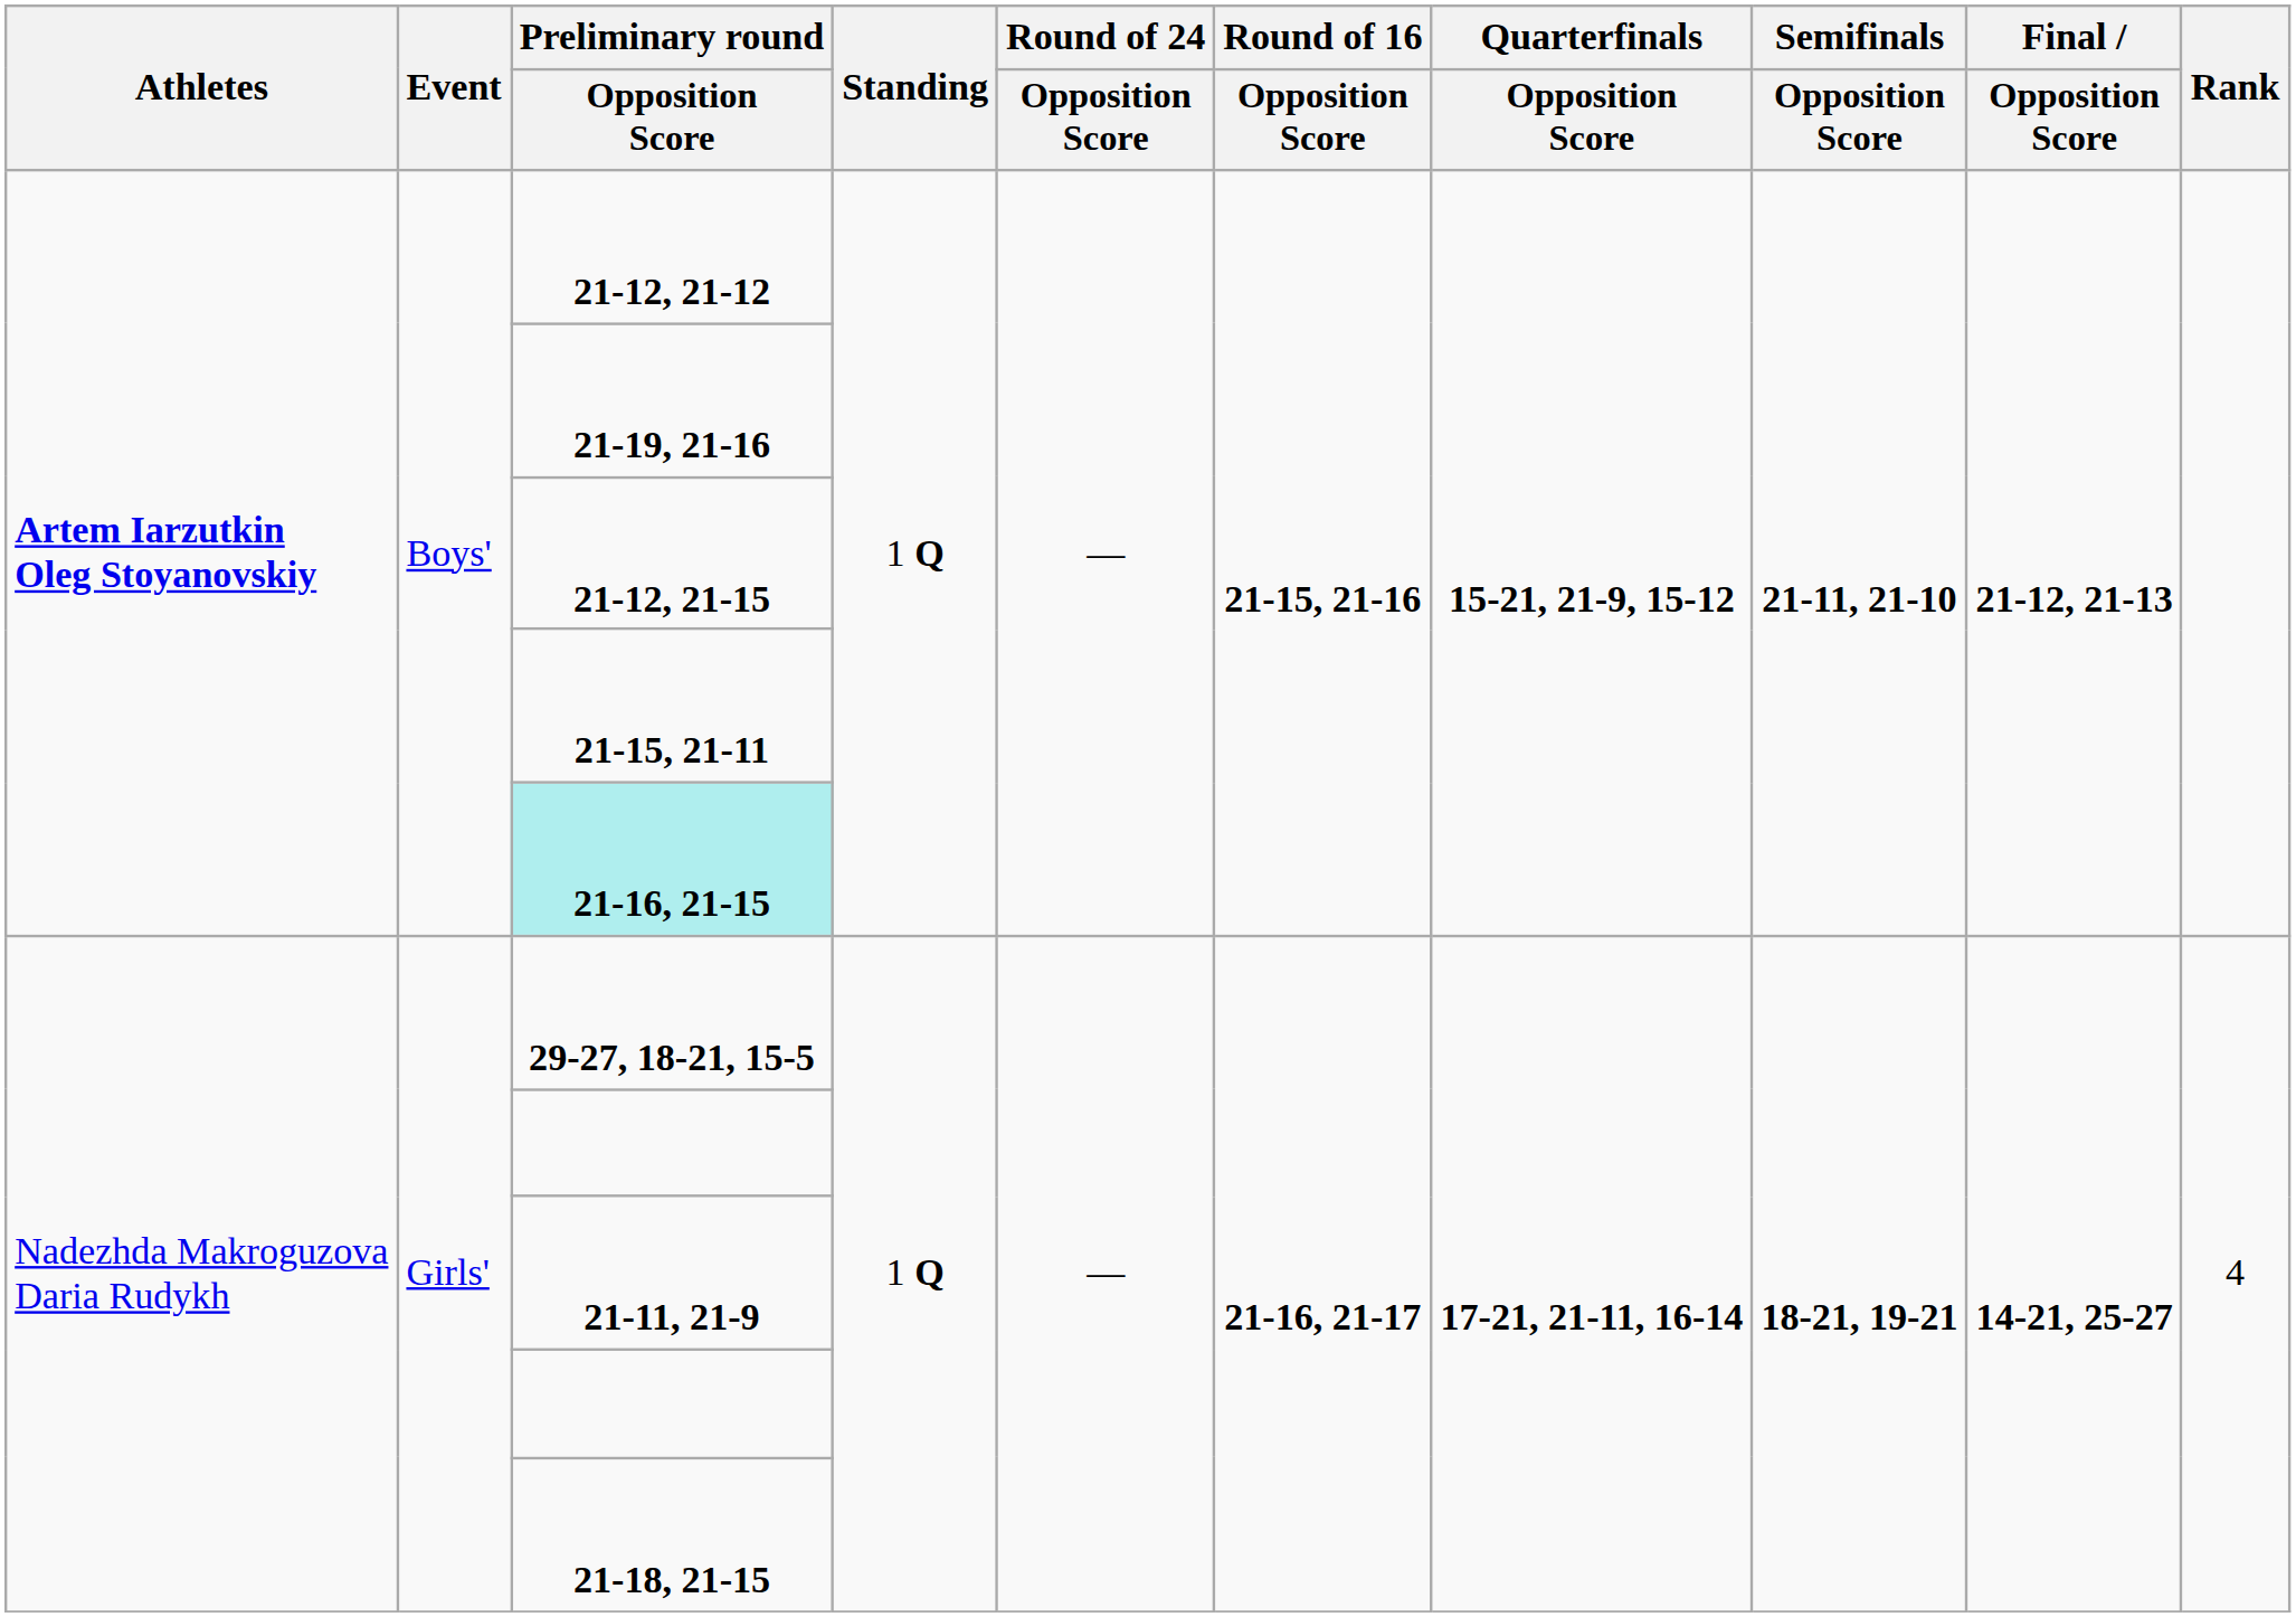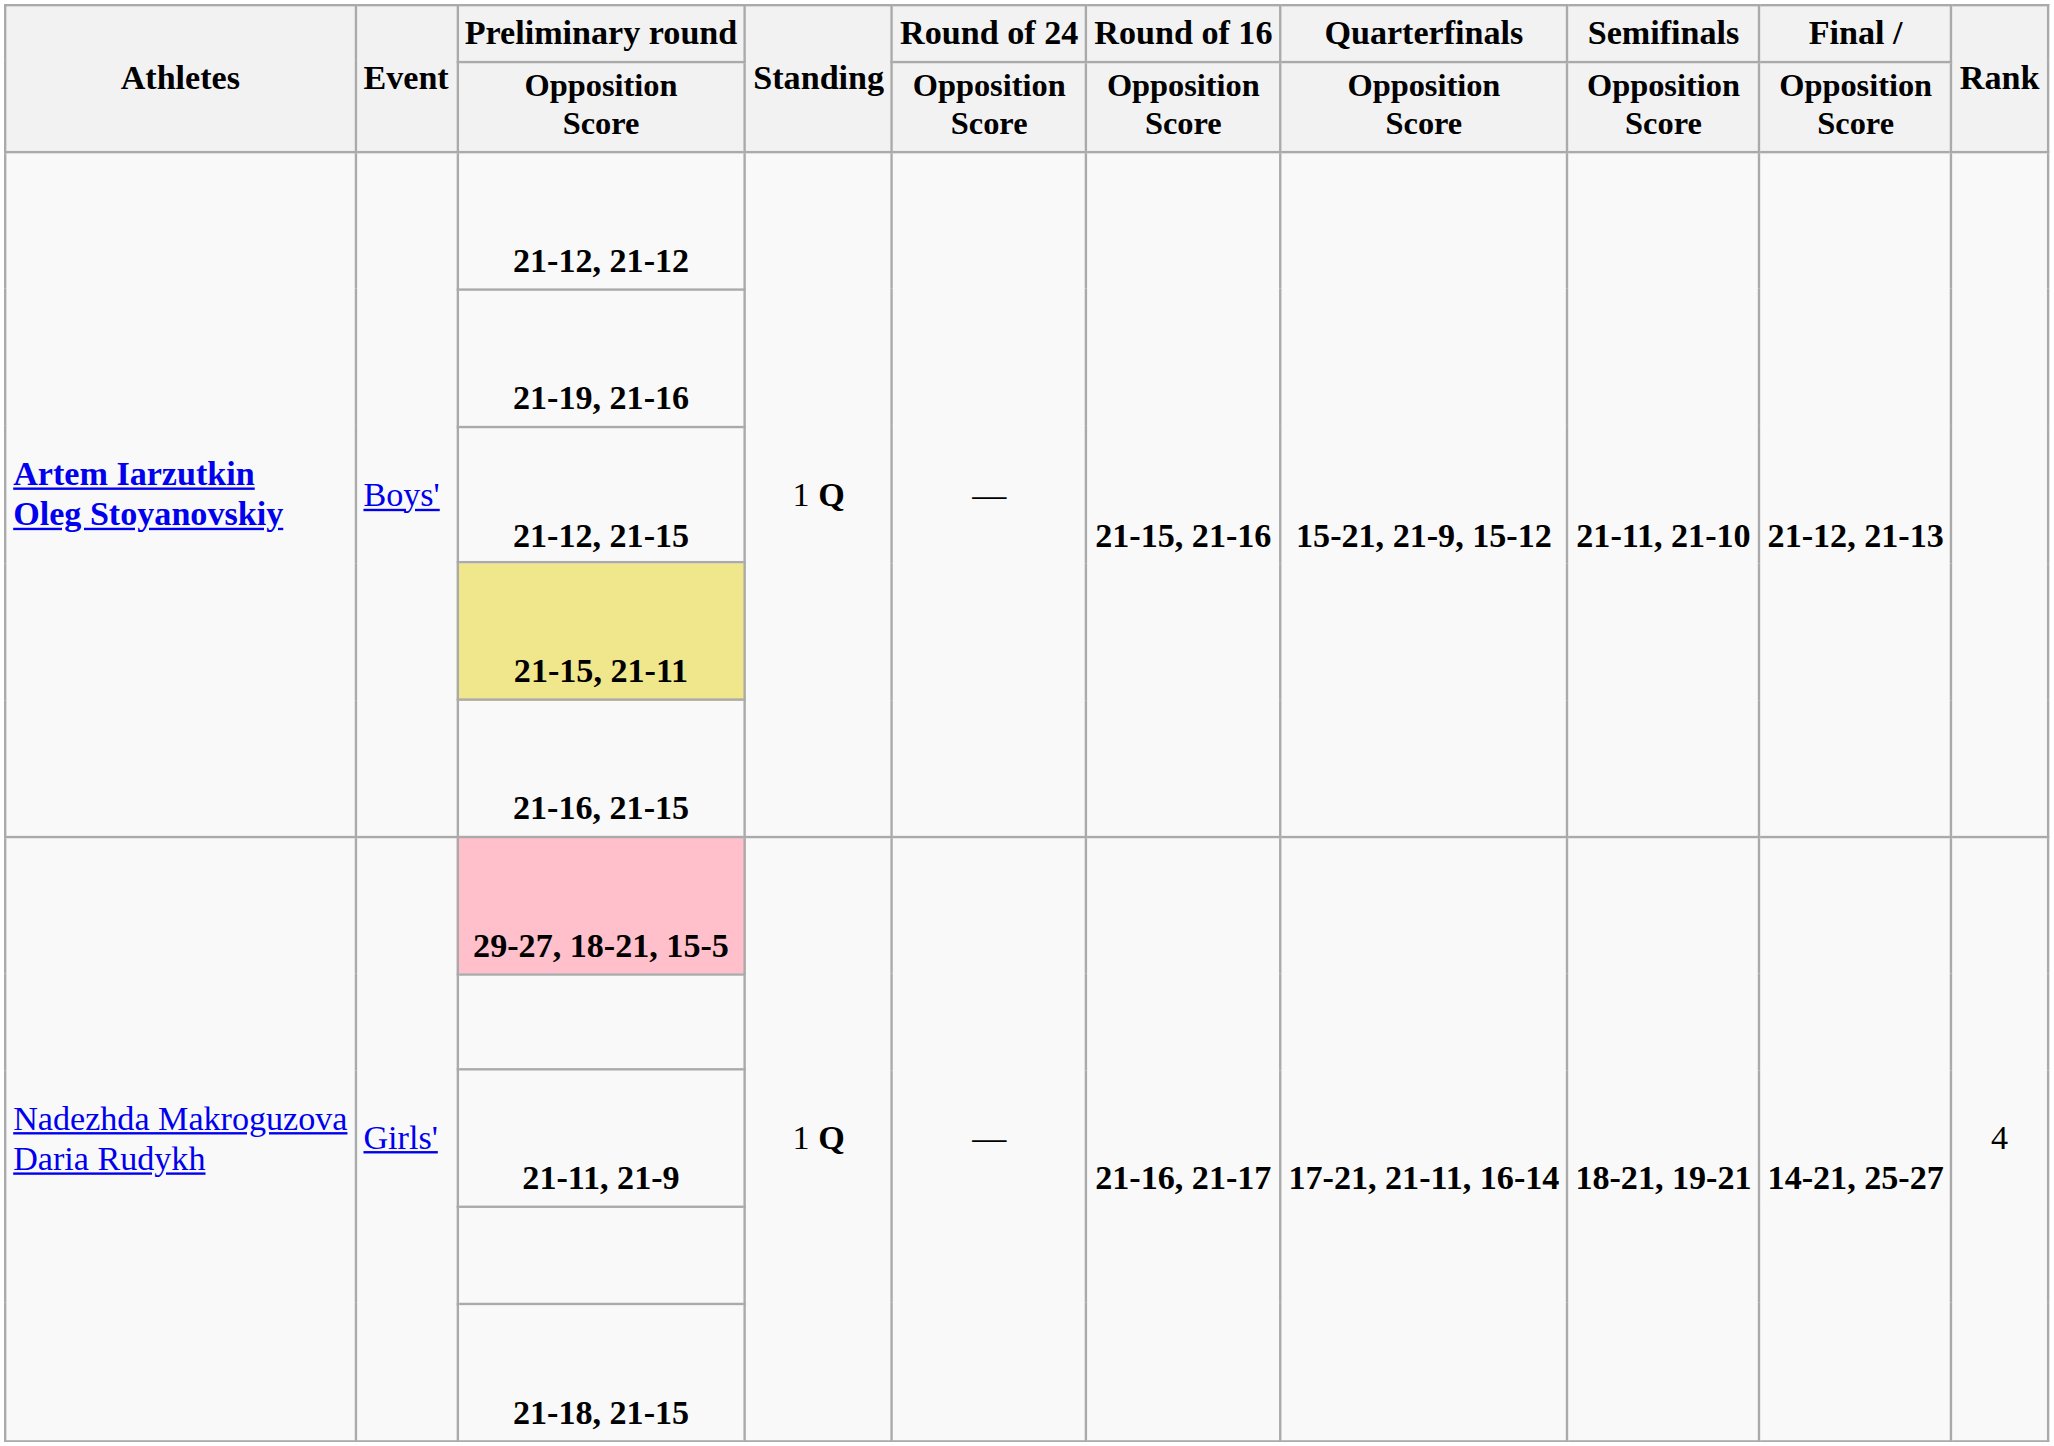 <table class=wikitable style="font-size:90%">
 <tr>
 <th rowspan="2">Athletes</th>
 <th rowspan="2">Event</th>
 <th>Preliminary round</th>
 <th rowspan="2">Standing</th>
 <th>Round of 24</th>
 <th>Round of 16</th>
 <th>Quarterfinals</th>
 <th>Semifinals</th>
 <th>Final / </th>
 <th rowspan=2>Rank</th>
 </tr>
 <tr style="font-size:95%">
 <th>Opposition<br>Score</th>
 <th>Opposition<br>Score</th>
 <th>Opposition<br>Score</th>
 <th>Opposition<br>Score</th>
 <th>Opposition<br>Score</th>
 <th>Opposition<br>Score</th>
 </tr>
 <tr align=center>
 <td align=left rowspan=5><strong><a href='#'>Artem Iarzutkin</a><br><a href='#'>Oleg Stoyanovskiy</a></strong></td>
 <td align=left rowspan=5><a href='#'>Boys'</a></td>
 <td><br><br><strong>21-12, 21-12</strong></td>
 <td rowspan=5>1 <strong>Q</strong></td>
 <td rowspan=5>—</td>
 <td rowspan=5><br><br><strong>21-15, 21-16</strong></td>
 <td rowspan=5><br><br><strong>15-21, 21-9, 15-12</strong></td>
 <td rowspan=5><br><br><strong>21-11, 21-10</strong></td>
 <td rowspan=5><br><br><strong>21-12, 21-13</strong></td>
 <td rowspan=5></td>
 </tr>
 <tr align=center>
 <td><br><br><strong>21-19, 21-16</strong></td>
 </tr>
 <tr align=center>
 <td><br><br><strong>21-12, 21-15</strong></td>
 </tr>
 <tr align=center>
-<td><br><br><strong>21-15, 21-11</strong></td>
+<td style="background: khaki;"><br><br><strong>21-15, 21-11</strong></td>
 </tr>
 <tr align=center>
-<td style="background: paleturquoise;"><br><br><strong>21-16, 21-15</strong></td>
+<td><br><br><strong>21-16, 21-15</strong></td>
 </tr>
 <tr align=center>
 <td align=left rowspan=5><a href='#'>Nadezhda Makroguzova</a><br><a href='#'>Daria Rudykh</a></td>
 <td align=left rowspan=5><a href='#'>Girls'</a></td>
-<td><br><br><strong>29-27, 18-21, 15-5</strong></td>
+<td style="background: pink;"><br><br><strong>29-27, 18-21, 15-5</strong></td>
 <td rowspan=5>1 <strong>Q</strong></td>
 <td rowspan=5>—</td>
 <td rowspan=5><br><br> <strong>21-16, 21-17</strong></td>
 <td rowspan=5><br><br> <strong>17-21, 21-11, 16-14</strong></td>
 <td rowspan=5><br><br> <strong>18-21, 19-21</strong></td>
 <td rowspan=5><br><br><strong>14-21, 25-27</strong></td>
 <td rowspan=5>4</td>
 </tr>
 <tr align=center>
 <td><br><br></td>
 </tr>
 <tr align=center>
 <td><br><br><strong>21-11, 21-9</strong></td>
 </tr>
 <tr align=center>
 <td><br><br></td>
 </tr>
 <tr align=center>
 <td><br><br><strong>21-18, 21-15</strong></td>
 </tr>
 </table>
